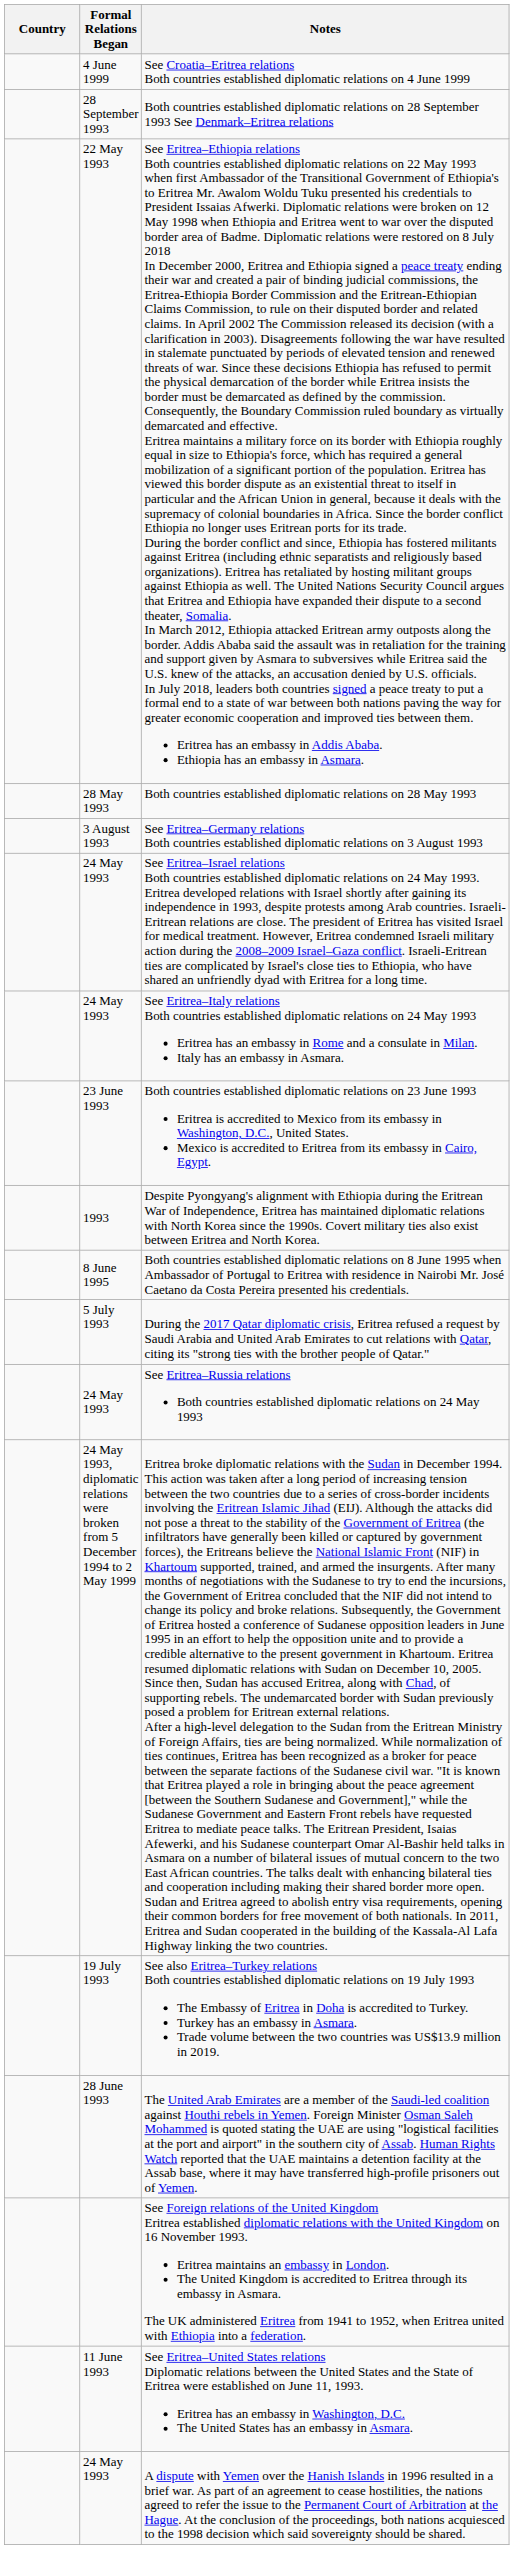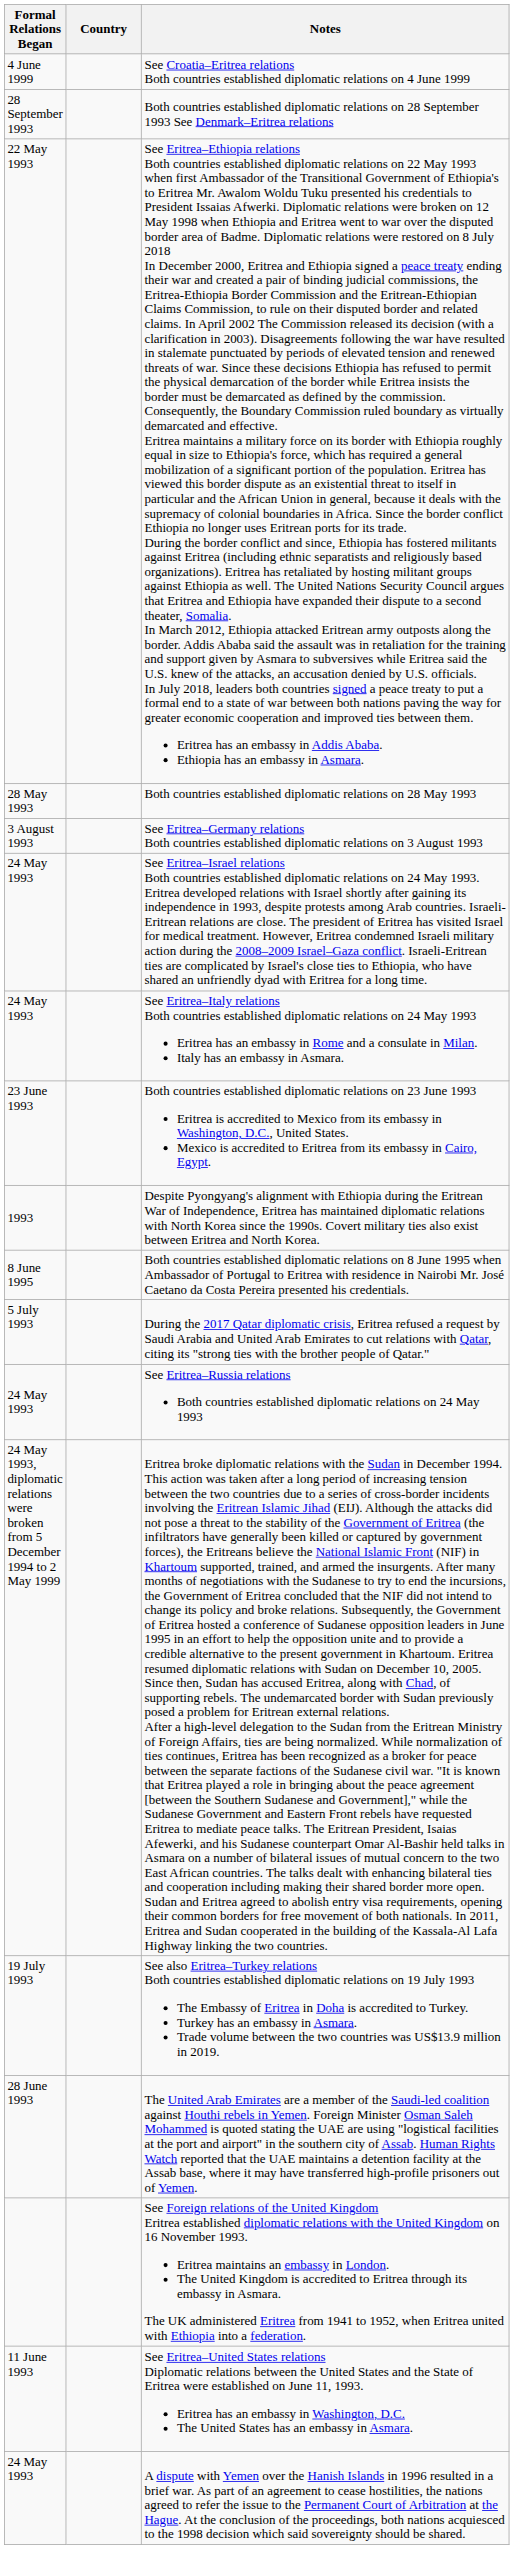 <table class="wikitable sortable" style="width:100%; margin:auto;">
 <tr>
+<th style="width:12%;">Formal Relations Began</th>
 <th style="width:15%;">Country</th>
-<th style="width:12%;">Formal Relations Began</th>
 <th>Notes</th>
 </tr>
 <tr valign="top">
+<td>4 June 1999</td>
 <td></td>
-<td>4 June 1999</td>
 <td>See <a href='#'>Croatia–Eritrea relations</a><br>Both countries established diplomatic relations on 4 June 1999</td>
 </tr>
 <tr>
+<td>28 September 1993</td>
 <td></td>
-<td>28 September 1993</td>
 <td>Both countries established diplomatic relations on 28 September 1993                                                                 See <a href='#'>Denmark–Eritrea relations</a></td>
 </tr>
 <tr valign="top">
+<td>22 May 1993</td>
 <td></td>
-<td>22 May 1993</td>
 <td>See <a href='#'>Eritrea–Ethiopia relations</a><br>Both countries established diplomatic relations on 22 May 1993 when first Ambassador of the Transitional Government of Ethiopia's to Eritrea Mr. Awalom Woldu Tuku presented his credentials to President Issaias Afwerki. Diplomatic relations were broken on 12 May 1998 when Ethiopia and Eritrea went to war over the disputed border area of Badme. Diplomatic relations were restored on 8 July 2018<br>In December 2000, Eritrea and Ethiopia signed a <a href='#'>peace treaty</a> ending their war and created a pair of binding judicial commissions, the Eritrea-Ethiopia Border Commission and the Eritrean-Ethiopian Claims Commission,  to rule on their disputed border and related claims. In April 2002 The Commission released its decision (with a clarification in 2003). Disagreements following the war have resulted in stalemate punctuated by periods of elevated tension and renewed threats of war. Since these decisions Ethiopia has refused to permit the physical demarcation of the border while Eritrea insists the border must be demarcated as defined by the commission. Consequently, the Boundary Commission ruled boundary as virtually demarcated and effective.<br>Eritrea maintains a military force on its border with Ethiopia roughly equal in size to Ethiopia's force, which has required a general mobilization of a significant portion of the population. Eritrea has viewed this border dispute as an existential threat to itself in particular and the African Union in general, because it deals with the supremacy of colonial boundaries in Africa. Since the border conflict Ethiopia no longer uses Eritrean ports for its trade.<br>During the border conflict and since, Ethiopia has fostered militants against Eritrea (including ethnic separatists and religiously based organizations). Eritrea has retaliated by hosting militant groups against Ethiopia as well. The United Nations Security Council argues that Eritrea and Ethiopia have expanded their dispute to a second theater, <a href='#'>Somalia</a>.<br>In March 2012, Ethiopia attacked Eritrean army outposts along the border. Addis Ababa said the assault was in retaliation for the training and support given by Asmara to subversives while Eritrea said the U.S. knew of the attacks, an accusation denied by U.S. officials.<br>In July 2018, leaders both countries <a href='#'>signed</a> a peace treaty to put a formal end to a state of war between both nations paving the way for greater economic cooperation and improved ties between them.<ul><li>Eritrea has an embassy in <a href='#'>Addis Ababa</a>.</li><li>Ethiopia has an embassy in <a href='#'>Asmara</a>.</li></ul></td>
 </tr>
 <tr valign="top">
+<td>28 May 1993</td>
 <td></td>
-<td>28 May 1993</td>
 <td>Both countries established diplomatic relations on 28 May 1993</td>
 </tr>
 <tr valign="top">
+<td>3 August 1993</td>
 <td></td>
-<td>3 August 1993</td>
 <td>See <a href='#'>Eritrea–Germany relations</a><br>Both countries established diplomatic relations on 3 August 1993</td>
 </tr>
 <tr valign="top">
+<td>24 May 1993</td>
 <td></td>
-<td>24 May 1993</td>
 <td>See <a href='#'>Eritrea–Israel relations</a><br>Both countries established diplomatic relations on 24 May 1993.<br>Eritrea developed relations with Israel shortly after gaining its independence in 1993, despite protests among Arab countries. Israeli-Eritrean relations are close. The president of Eritrea has visited Israel for medical treatment. However, Eritrea condemned Israeli military action during the <a href='#'>2008–2009 Israel–Gaza conflict</a>. Israeli-Eritrean ties are complicated by Israel's close ties to Ethiopia, who have shared an unfriendly dyad with Eritrea for a long time.</td>
 </tr>
 <tr valign="top">
+<td>24 May 1993</td>
 <td></td>
-<td>24 May 1993</td>
 <td>See <a href='#'>Eritrea–Italy relations</a><br>Both countries established diplomatic relations on 24 May 1993<ul><li>Eritrea has an embassy in <a href='#'>Rome</a> and a consulate in <a href='#'>Milan</a>.</li><li>Italy has an embassy in Asmara.</li></ul></td>
 </tr>
 <tr valign="top">
+<td>23 June 1993</td>
 <td></td>
-<td>23 June 1993</td>
 <td>Both countries established diplomatic relations on 23 June 1993<br><ul><li>Eritrea is accredited to Mexico from its embassy in <a href='#'>Washington, D.C.</a>, United States.</li><li>Mexico is accredited to Eritrea from its embassy in <a href='#'>Cairo, Egypt</a>.</li></ul></td>
 </tr>
 <tr>
+<td>1993</td>
 <td></td>
-<td>1993</td>
 <td>Despite Pyongyang's alignment with Ethiopia during the Eritrean War of Independence, Eritrea has maintained diplomatic relations with North Korea since the 1990s. Covert military ties also exist between Eritrea and North Korea.</td>
 </tr>
 <tr>
+<td>8 June 1995</td>
 <td></td>
-<td>8 June 1995</td>
 <td>Both countries established diplomatic relations on 8 June 1995 when Ambassador of Portugal to Eritrea with residence in Nairobi Mr. José Caetano da Costa Pereira presented his credentials.</td>
 </tr>
 <tr valign="top">
+<td>5 July 1993</td>
 <td></td>
-<td>5 July 1993</td>
 <td><br>During the <a href='#'>2017 Qatar diplomatic crisis</a>, Eritrea refused a request by Saudi Arabia and United Arab Emirates to cut relations with <a href='#'>Qatar</a>, citing its "strong ties with the brother people of Qatar."</td>
 </tr>
 <tr>
+<td>24 May 1993</td>
 <td></td>
-<td>24 May 1993</td>
 <td>See <a href='#'>Eritrea–Russia relations</a><br><ul><li>Both countries established diplomatic relations on 24 May 1993</li></ul></td>
 </tr>
 <tr valign="top">
+<td>24 May 1993, diplomatic relations were broken from 5 December 1994 to 2 May 1999</td>
 <td></td>
-<td>24 May 1993, diplomatic relations were broken from 5 December 1994 to 2 May 1999</td>
 <td><br>Eritrea broke diplomatic relations with the <a href='#'>Sudan</a> in December 1994. This action was taken after a long period of increasing tension between the two countries due to a series of cross-border incidents involving the <a href='#'>Eritrean Islamic Jihad</a> (EIJ). Although the attacks did not pose a threat to the stability of the <a href='#'>Government of Eritrea</a> (the infiltrators have generally been killed or captured by government forces), the Eritreans believe the <a href='#'>National Islamic Front</a> (NIF) in <a href='#'>Khartoum</a> supported, trained, and armed the insurgents. After many months of negotiations with the Sudanese to try to end the incursions, the Government of Eritrea concluded that the NIF did not intend to change its policy and broke relations. Subsequently, the Government of Eritrea hosted a conference of Sudanese opposition leaders in June 1995 in an effort to help the opposition unite and to provide a credible alternative to the present government in Khartoum.  Eritrea resumed diplomatic relations with Sudan on December 10, 2005. Since then, Sudan has accused Eritrea, along with <a href='#'>Chad</a>, of supporting rebels. The undemarcated border with Sudan previously posed a problem for Eritrean external relations.<br>After a high-level delegation to the Sudan from the Eritrean Ministry of Foreign Affairs, ties are being normalized. While normalization of ties continues, Eritrea has been recognized as a broker for peace between the separate factions of the Sudanese civil war. "It is known that Eritrea played a role in bringing about the peace agreement [between the Southern Sudanese and Government]," while the Sudanese Government and Eastern Front rebels have requested Eritrea to mediate peace talks. The Eritrean President, Isaias Afewerki, and his Sudanese counterpart Omar Al-Bashir held talks in Asmara on a number of bilateral issues of mutual concern to the two East African countries. The talks dealt with enhancing bilateral ties and cooperation including making their shared border more open. Sudan and Eritrea agreed to abolish entry visa requirements, opening their common borders for free movement of both nationals. In 2011, Eritrea and Sudan cooperated in the building of the  Kassala-Al Lafa Highway linking the two countries.</td>
 </tr>
 <tr valign="top">
+<td>19 July 1993</td>
 <td></td>
-<td>19 July 1993</td>
 <td>See also <a href='#'>Eritrea–Turkey relations</a><br>Both countries established diplomatic relations on 19 July 1993<ul><li>The Embassy of <a href='#'>Eritrea</a> in <a href='#'>Doha</a> is accredited to Turkey.</li><li>Turkey has an embassy in <a href='#'>Asmara</a>.</li><li>Trade volume between the two countries was US$13.9 million in 2019.</li></ul></td>
 </tr>
 <tr valign="top">
+<td>28 June 1993</td>
 <td></td>
-<td>28 June 1993</td>
 <td><br>The <a href='#'>United Arab Emirates</a> are a member of the <a href='#'>Saudi-led coalition</a> against <a href='#'>Houthi rebels in Yemen</a>. Foreign Minister <a href='#'>Osman Saleh Mohammed</a> is quoted stating the UAE are using "logistical facilities at the port and airport" in the southern city of <a href='#'>Assab</a>. <a href='#'>Human Rights Watch</a> reported that the UAE maintains a detention facility at the Assab base, where it may have transferred high-profile prisoners out of <a href='#'>Yemen</a>.</td>
 </tr>
 <tr valign="top">
 <td></td>
 <td></td>
 <td>See <a href='#'>Foreign relations of the United Kingdom</a><br>Eritrea established <a href='#'>diplomatic relations with the United Kingdom</a> on 16 November 1993.<ul><li>Eritrea maintains an <a href='#'>embassy</a> in <a href='#'>London</a>.</li><li>The United Kingdom is accredited to Eritrea through its embassy in Asmara.</li></ul>The UK administered <a href='#'>Eritrea</a> from 1941 to 1952, when Eritrea united with <a href='#'>Ethiopia</a> into a <a href='#'>federation</a>.</td>
 </tr>
 <tr valign="top">
+<td>11 June 1993</td>
 <td></td>
-<td>11 June 1993</td>
 <td>See <a href='#'>Eritrea–United States relations</a><br>Diplomatic relations between the United States and the State of Eritrea were established on June 11, 1993.<ul><li>Eritrea has an embassy in <a href='#'>Washington, D.C.</a></li><li>The United States has an embassy in <a href='#'>Asmara</a>.</li></ul></td>
 </tr>
 <tr valign="top">
+<td>24 May 1993</td>
 <td></td>
-<td>24 May 1993</td>
 <td><br>A <a href='#'>dispute</a> with <a href='#'>Yemen</a> over the <a href='#'>Hanish Islands</a> in 1996 resulted in a brief war. As part of an agreement to cease hostilities, the nations agreed to refer the issue to the <a href='#'>Permanent Court of Arbitration</a> at <a href='#'>the Hague</a>. At the conclusion of the proceedings, both nations acquiesced to the 1998 decision which said sovereignty should be shared.</td>
 </tr>
 </table>
